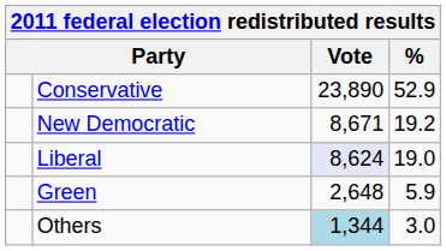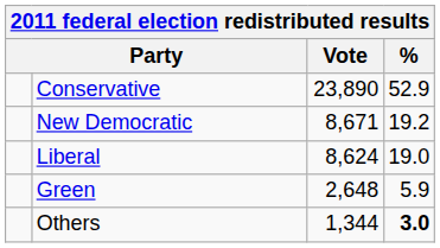 <table class="wikitable">
 <tr>
 <th colspan="4"><a href='#'>2011 federal election</a> redistributed results</th>
 </tr>
 <tr>
 <th bgcolor="#DDDDFF" width="130px" colspan="2">Party</th>
 <th bgcolor="#DDDDFF" width="50px">Vote</th>
 <th bgcolor="#DDDDFF" width="30px">%</th>
 </tr>
 <tr>
 <td> </td>
 <td><a href='#'>Conservative</a></td>
 <td align=right>23,890</td>
 <td align=right>52.9</td>
 </tr>
 <tr>
 <td> </td>
 <td><a href='#'>New Democratic</a></td>
 <td align=right>8,671</td>
 <td align=right>19.2</td>
 </tr>
 <tr>
 <td> </td>
 <td><a href='#'>Liberal</a></td>
-<td align=right style="background: lavender;">8,624</td>
+<td align=right>8,624</td>
 <td align=right>19.0</td>
 </tr>
 <tr>
 <td> </td>
 <td><a href='#'>Green</a></td>
 <td align=right>2,648</td>
 <td align=right>5.9</td>
 </tr>
 <tr>
 <td> </td>
 <td>Others</td>
-<td align=right style="background: lightblue;">1,344</td>
-<td align=right>3.0</td>
+<td align=right>1,344</td>
+<td align=right><strong>3.0</strong></td>
 </tr>
 </table>
